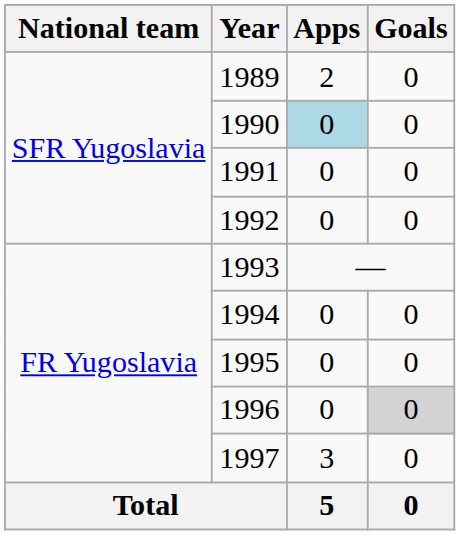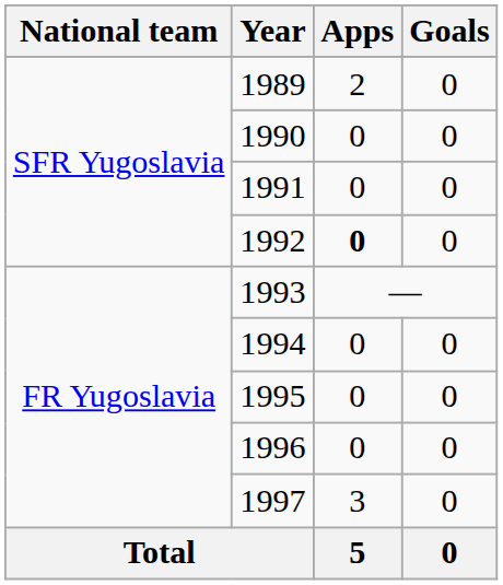 <table class="wikitable" style="text-align:center">
 <tr>
 <th>National team</th>
 <th>Year</th>
 <th>Apps</th>
 <th>Goals</th>
 </tr>
 <tr>
 <td rowspan="4"><a href='#'>SFR Yugoslavia</a></td>
 <td>1989</td>
 <td>2</td>
 <td>0</td>
 </tr>
 <tr>
 <td>1990</td>
-<td style="background: lightblue;">0</td>
+<td>0</td>
 <td>0</td>
 </tr>
 <tr>
 <td>1991</td>
 <td>0</td>
 <td>0</td>
 </tr>
 <tr>
 <td>1992</td>
-<td>0</td>
+<td><strong>0</strong></td>
 <td>0</td>
 </tr>
 <tr>
 <td rowspan="5"><a href='#'>FR Yugoslavia</a></td>
 <td>1993</td>
 <td colspan="2">—</td>
 </tr>
 <tr>
 <td>1994</td>
 <td>0</td>
 <td>0</td>
 </tr>
 <tr>
 <td>1995</td>
 <td>0</td>
 <td>0</td>
 </tr>
 <tr>
 <td>1996</td>
 <td>0</td>
-<td style="background: lightgrey;">0</td>
+<td>0</td>
 </tr>
 <tr>
 <td>1997</td>
 <td>3</td>
 <td>0</td>
 </tr>
 <tr>
 <th colspan="2">Total</th>
 <th>5</th>
 <th>0</th>
 </tr>
 </table>
